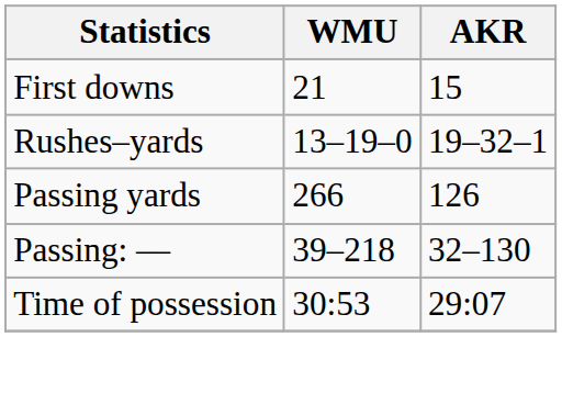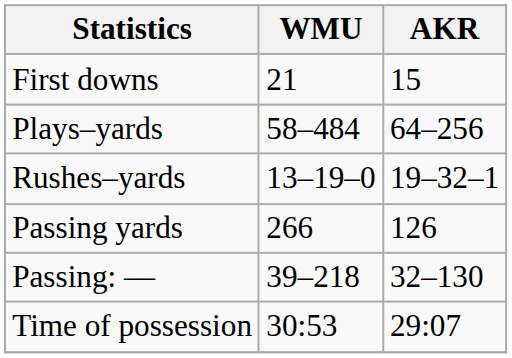 <table class="wikitable" style="float:left">
 <tr>
 <th>Statistics</th>
 <th>WMU</th>
 <th>AKR</th>
 </tr>
 <tr>
 <td>First downs</td>
 <td>21</td>
 <td>15</td>
+</tr>
+<tr>
+<td>Plays–yards</td>
+<td>58–484</td>
+<td>64–256</td>
 </tr>
 <tr>
 <td>Rushes–yards</td>
 <td>13–19–0</td>
 <td>19–32–1</td>
 </tr>
 <tr>
 <td>Passing yards</td>
 <td>266</td>
 <td>126</td>
 </tr>
 <tr>
 <td>Passing: ––</td>
 <td>39–218</td>
 <td>32–130</td>
 </tr>
 <tr>
 <td>Time of possession</td>
 <td>30:53</td>
 <td>29:07</td>
 </tr>
 <tr>
 </tr>
 </table>
